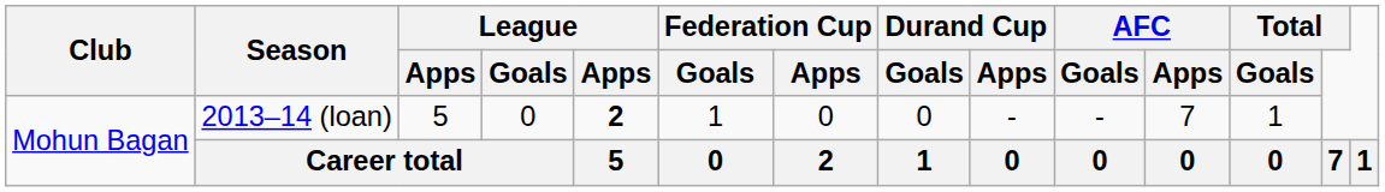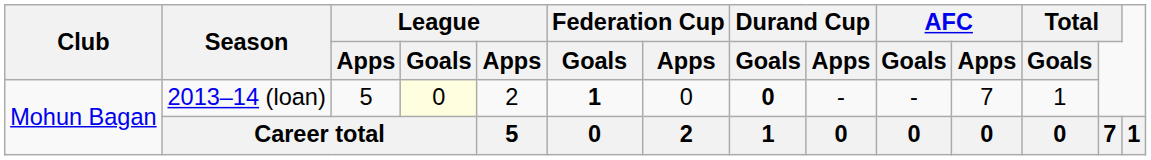 <table class="wikitable" style="text-align: center;">
 <tr>
 <th rowspan="2">Club</th>
 <th rowspan="2">Season</th>
 <th colspan="3">League</th>
 <th colspan="2">Federation Cup</th>
 <th colspan="2">Durand Cup</th>
 <th colspan="2"><a href='#'>AFC</a></th>
 <th colspan="2">Total</th>
 </tr>
 <tr>
 <th>Apps</th>
 <th>Goals</th>
 <th>Apps</th>
 <th>Goals</th>
 <th>Apps</th>
 <th>Goals</th>
 <th>Apps</th>
 <th>Goals</th>
 <th>Apps</th>
 <th>Goals</th>
 </tr>
 <tr>
 <td rowspan="2"><a href='#'>Mohun Bagan</a></td>
 <td><a href='#'>2013–14</a> (loan)</td>
 <td>5</td>
+<td style="background: lightyellow;">0</td>
+<td>2</td>
+<td><strong>1</strong></td>
 <td>0</td>
-<td><strong>2</strong></td>
-<td>1</td>
-<td>0</td>
-<td>0</td>
+<td><strong>0</strong></td>
 <td>-</td>
 <td>-</td>
 <td>7</td>
 <td>1</td>
 </tr>
 <tr>
 <th colspan="3">Career total</th>
 <th>5</th>
 <th>0</th>
 <th>2</th>
 <th>1</th>
 <th>0</th>
 <th>0</th>
 <th>0</th>
 <th>0</th>
 <th>7</th>
 <th>1</th>
 </tr>
 </table>
